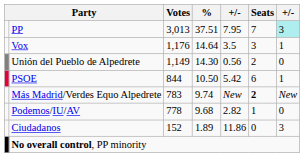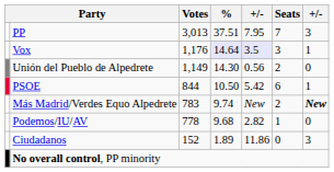 <table class="wikitable">
 <tr>
 <th colspan="2">Party</th>
 <th>Votes</th>
 <th>%</th>
 <th>+/-</th>
 <th>Seats</th>
 <th>+/-</th>
 </tr>
 <tr>
 <td></td>
 <td><a href='#'>PP</a></td>
 <td>3,013</td>
 <td>37.51</td>
 <td> 7.95</td>
 <td>7</td>
-<td style="background: paleturquoise;"> 3</td>
+<td> 3</td>
 </tr>
 <tr>
 <td></td>
 <td><a href='#'>Vox</a></td>
 <td>1,176</td>
-<td>14.64</td>
-<td> 3.5</td>
+<td style="background: lavender;">14.64</td>
+<td style="background: lavender;"> 3.5</td>
 <td>3</td>
 <td> 1</td>
 </tr>
 <tr>
 <td bgcolor="grey"></td>
 <td>Unión del Pueblo de Alpedrete</td>
 <td>1,149</td>
 <td>14.30</td>
 <td> 0.56</td>
 <td>2</td>
 <td> 0</td>
 </tr>
 <tr>
 <td bgcolor="#E4003B"></td>
 <td><a href='#'>PSOE</a></td>
 <td>844</td>
 <td>10.50</td>
 <td> 5.42</td>
 <td>6</td>
 <td> 1</td>
 </tr>
 <tr>
 <td></td>
 <td><a href='#'>Más Madrid</a>/Verdes Equo Alpedrete</td>
 <td>783</td>
 <td>9.74</td>
 <td><em>New</em></td>
-<td><strong>2</strong></td>
-<td><em>New</em></td>
+<td>2</td>
+<td><strong><em>New</em></strong></td>
 </tr>
 <tr>
 <td></td>
 <td><a href='#'>Podemos</a>/<a href='#'>IU</a>/<a href='#'>AV</a></td>
 <td>778</td>
 <td>9.68</td>
 <td> 2.82</td>
 <td>1</td>
 <td> 0</td>
 </tr>
 <tr>
 <td></td>
 <td><a href='#'>Ciudadanos</a></td>
 <td>152</td>
 <td>1.89</td>
 <td> 11.86</td>
 <td>0</td>
 <td> 3</td>
 </tr>
 <tr>
 <td bgcolor="black"></td>
 <td colspan="6"><strong>No overall control</strong>, PP minority</td>
 </tr>
 </table>
